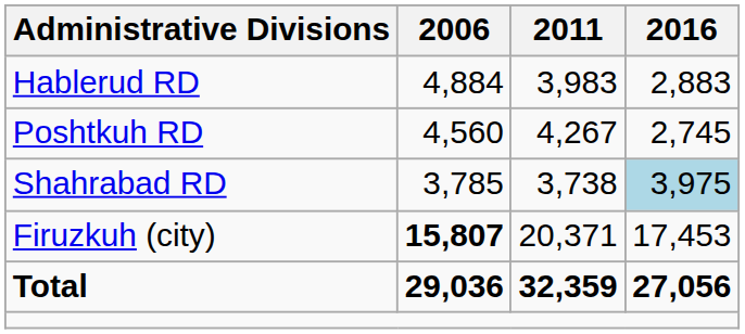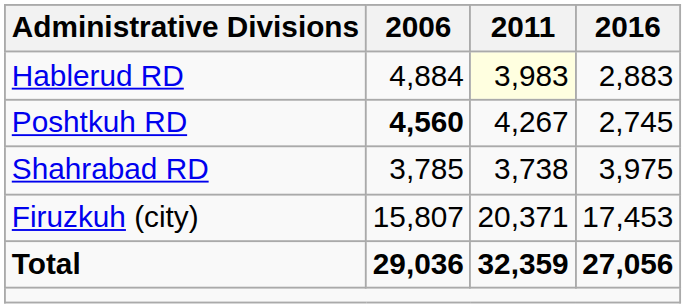 <table class="wikitable">
 <tr>
 <th>Administrative Divisions</th>
 <th>2006</th>
 <th>2011</th>
 <th>2016</th>
 </tr>
 <tr>
 <td><a href='#'>Hablerud RD</a></td>
 <td style="text-align: right;">4,884</td>
-<td style="text-align: right;">3,983</td>
+<td style="background: lightyellow; text-align: right;">3,983</td>
 <td style="text-align: right;">2,883</td>
 </tr>
 <tr>
 <td><a href='#'>Poshtkuh RD</a></td>
-<td style="text-align: right;">4,560</td>
+<td style="text-align: right;"><strong>4,560</strong></td>
 <td style="text-align: right;">4,267</td>
 <td style="text-align: right;">2,745</td>
 </tr>
 <tr>
 <td><a href='#'>Shahrabad RD</a></td>
 <td style="text-align: right;">3,785</td>
 <td style="text-align: right;">3,738</td>
-<td style="background: lightblue; text-align: right;">3,975</td>
+<td style="text-align: right;">3,975</td>
 </tr>
 <tr>
 <td><a href='#'>Firuzkuh</a> (city)</td>
-<td style="text-align: right;"><strong>15,807</strong></td>
+<td style="text-align: right;">15,807</td>
 <td style="text-align: right;">20,371</td>
 <td style="text-align: right;">17,453</td>
 </tr>
 <tr>
 <td><strong>Total</strong></td>
 <td style="text-align: right;"><strong>29,036</strong></td>
 <td style="text-align: right;"><strong>32,359</strong></td>
 <td style="text-align: right;"><strong>27,056</strong></td>
 </tr>
 <tr>
 <td colspan=4></td>
 </tr>
 </table>
